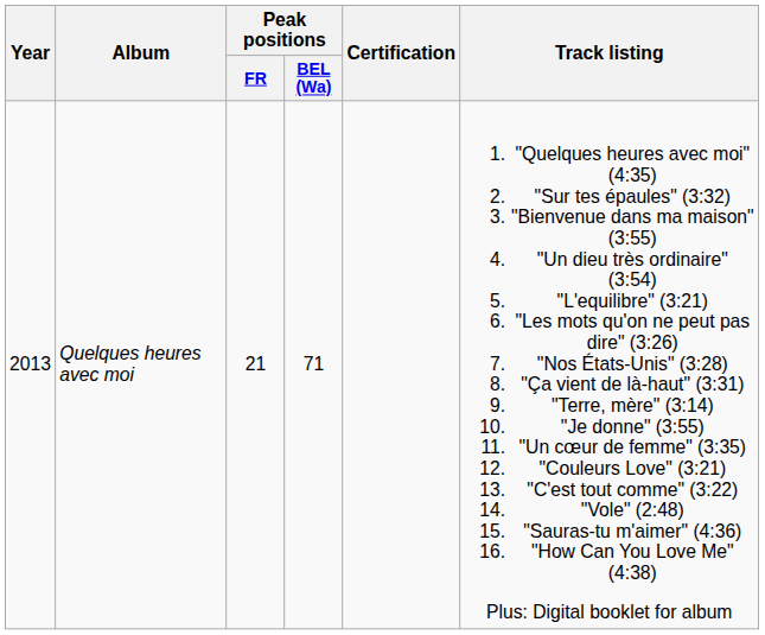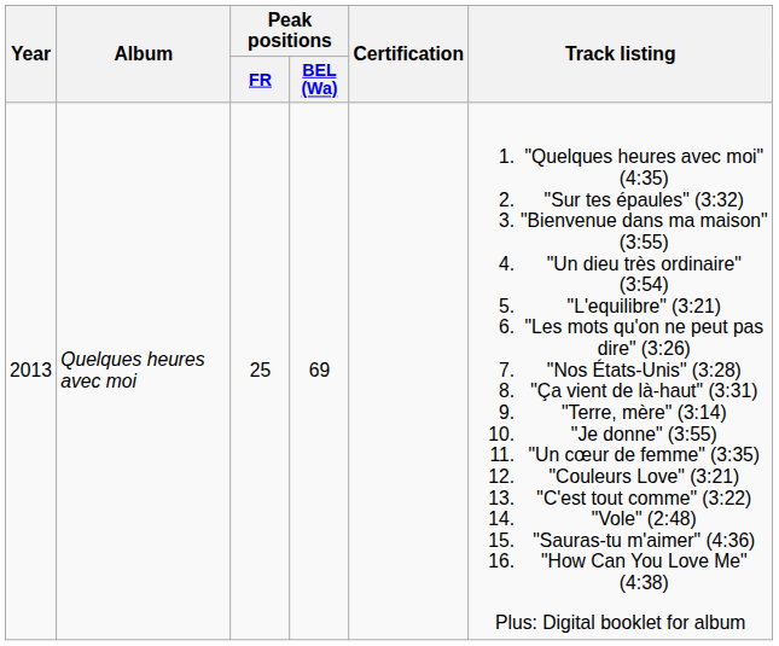 <table class="wikitable">
 <tr>
 <th align="center" rowspan="2" width="10">Year</th>
 <th align="center" rowspan="2" width="140">Album</th>
 <th align="center" colspan="2" width="20">Peak positions</th>
 <th align="center" rowspan="2" width="70">Certification</th>
 <th align="center" rowspan="2" width="250">Track listing</th>
 </tr>
 <tr>
 <th scope="col" style="width:3em;font-size:90%;"><a href='#'>FR</a><br></th>
 <th scope="col" style="width:3em;font-size:90%;"><a href='#'>BEL <br>(Wa)</a><br></th>
 </tr>
 <tr>
 <td style="text-align:center;" rowspan=3>2013</td>
 <td><em>Quelques heures avec moi</em></td>
-<td style="text-align:center;">21</td>
-<td style="text-align:center;">71</td>
+<td style="text-align:center;">25</td>
+<td style="text-align:center;">69</td>
 <td style="text-align:center;"></td>
 <td style="text-align:center;"><br><ol><li>"Quelques heures avec moi" (4:35)</li><li>"Sur tes épaules" (3:32)</li><li>"Bienvenue dans ma maison" (3:55)</li><li>"Un dieu très ordinaire" (3:54)</li><li>"L'equilibre" (3:21)</li><li>"Les mots qu'on ne peut pas dire" (3:26)</li><li>"Nos États-Unis" (3:28)</li><li>"Ça vient de là-haut" (3:31)</li><li>"Terre, mère" (3:14)</li><li>"Je donne" (3:55)</li><li>"Un cœur de femme" (3:35)</li><li>"Couleurs Love" (3:21)</li><li>"C'est tout comme" (3:22)</li><li>"Vole" (2:48)</li><li>"Sauras-tu m'aimer" (4:36)</li><li>"How Can You Love Me" (4:38)</li></ol>Plus: Digital booklet for album</td>
 </tr>
 </table>
